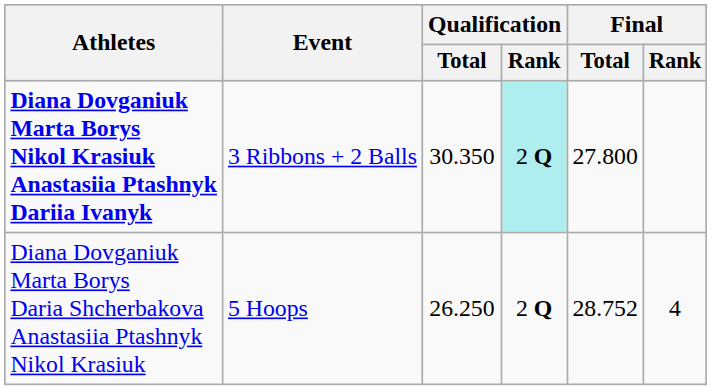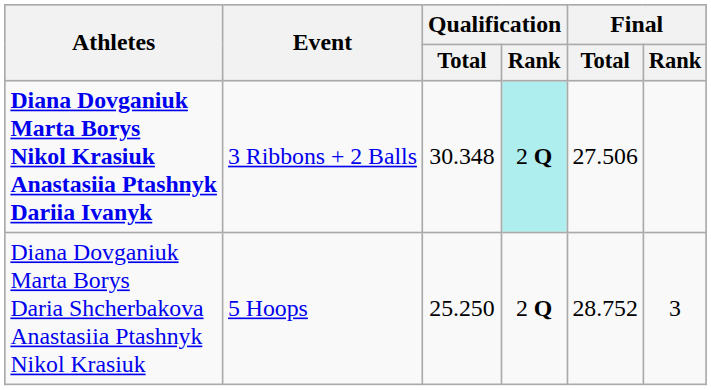 <table class="wikitable" style="font-size:90%">
 <tr>
 <th rowspan=2>Athletes</th>
 <th rowspan=2>Event</th>
 <th colspan=2>Qualification</th>
 <th colspan=2>Final</th>
 </tr>
 <tr style="font-size:95%">
 <th>Total</th>
 <th>Rank</th>
 <th>Total</th>
 <th>Rank</th>
 </tr>
 <tr align=center>
 <td align=left><strong><a href='#'>Diana Dovganiuk</a><br><a href='#'>Marta Borys</a><br><a href='#'>Nikol Krasiuk</a><br><a href='#'>Anastasiia Ptashnyk</a><br><a href='#'>Dariia Ivanyk</a></strong></td>
 <td align=left><a href='#'>3 Ribbons + 2 Balls</a></td>
-<td>30.350</td>
+<td>30.348</td>
 <td style="background: paleturquoise;">2 <strong>Q</strong></td>
-<td>27.800</td>
+<td>27.506</td>
 <td></td>
 </tr>
 <tr align=center>
 <td align=left><a href='#'>Diana Dovganiuk</a><br><a href='#'>Marta Borys</a><br><a href='#'>Daria Shcherbakova</a><br><a href='#'>Anastasiia Ptashnyk</a><br><a href='#'>Nikol Krasiuk</a></td>
 <td align=left><a href='#'>5 Hoops</a></td>
-<td>26.250</td>
+<td>25.250</td>
 <td>2 <strong>Q</strong></td>
 <td>28.752</td>
-<td>4</td>
+<td>3</td>
 </tr>
 </table>
